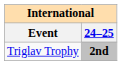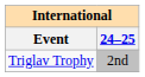 <table class="wikitable" style="text-align:center">
 <tr>
 <th style="background-color: #ffdead; " colspan=2 align=center>International</th>
 </tr>
 <tr>
 <th>Event</th>
 <th><a href='#'>24–25</a></th>
 </tr>
 <tr>
 <td align=left><a href='#'>Triglav Trophy</a></td>
-<td bgcolor=silver><strong>2nd</strong></td>
+<td bgcolor=silver>2nd</td>
 </tr>
 </table>
